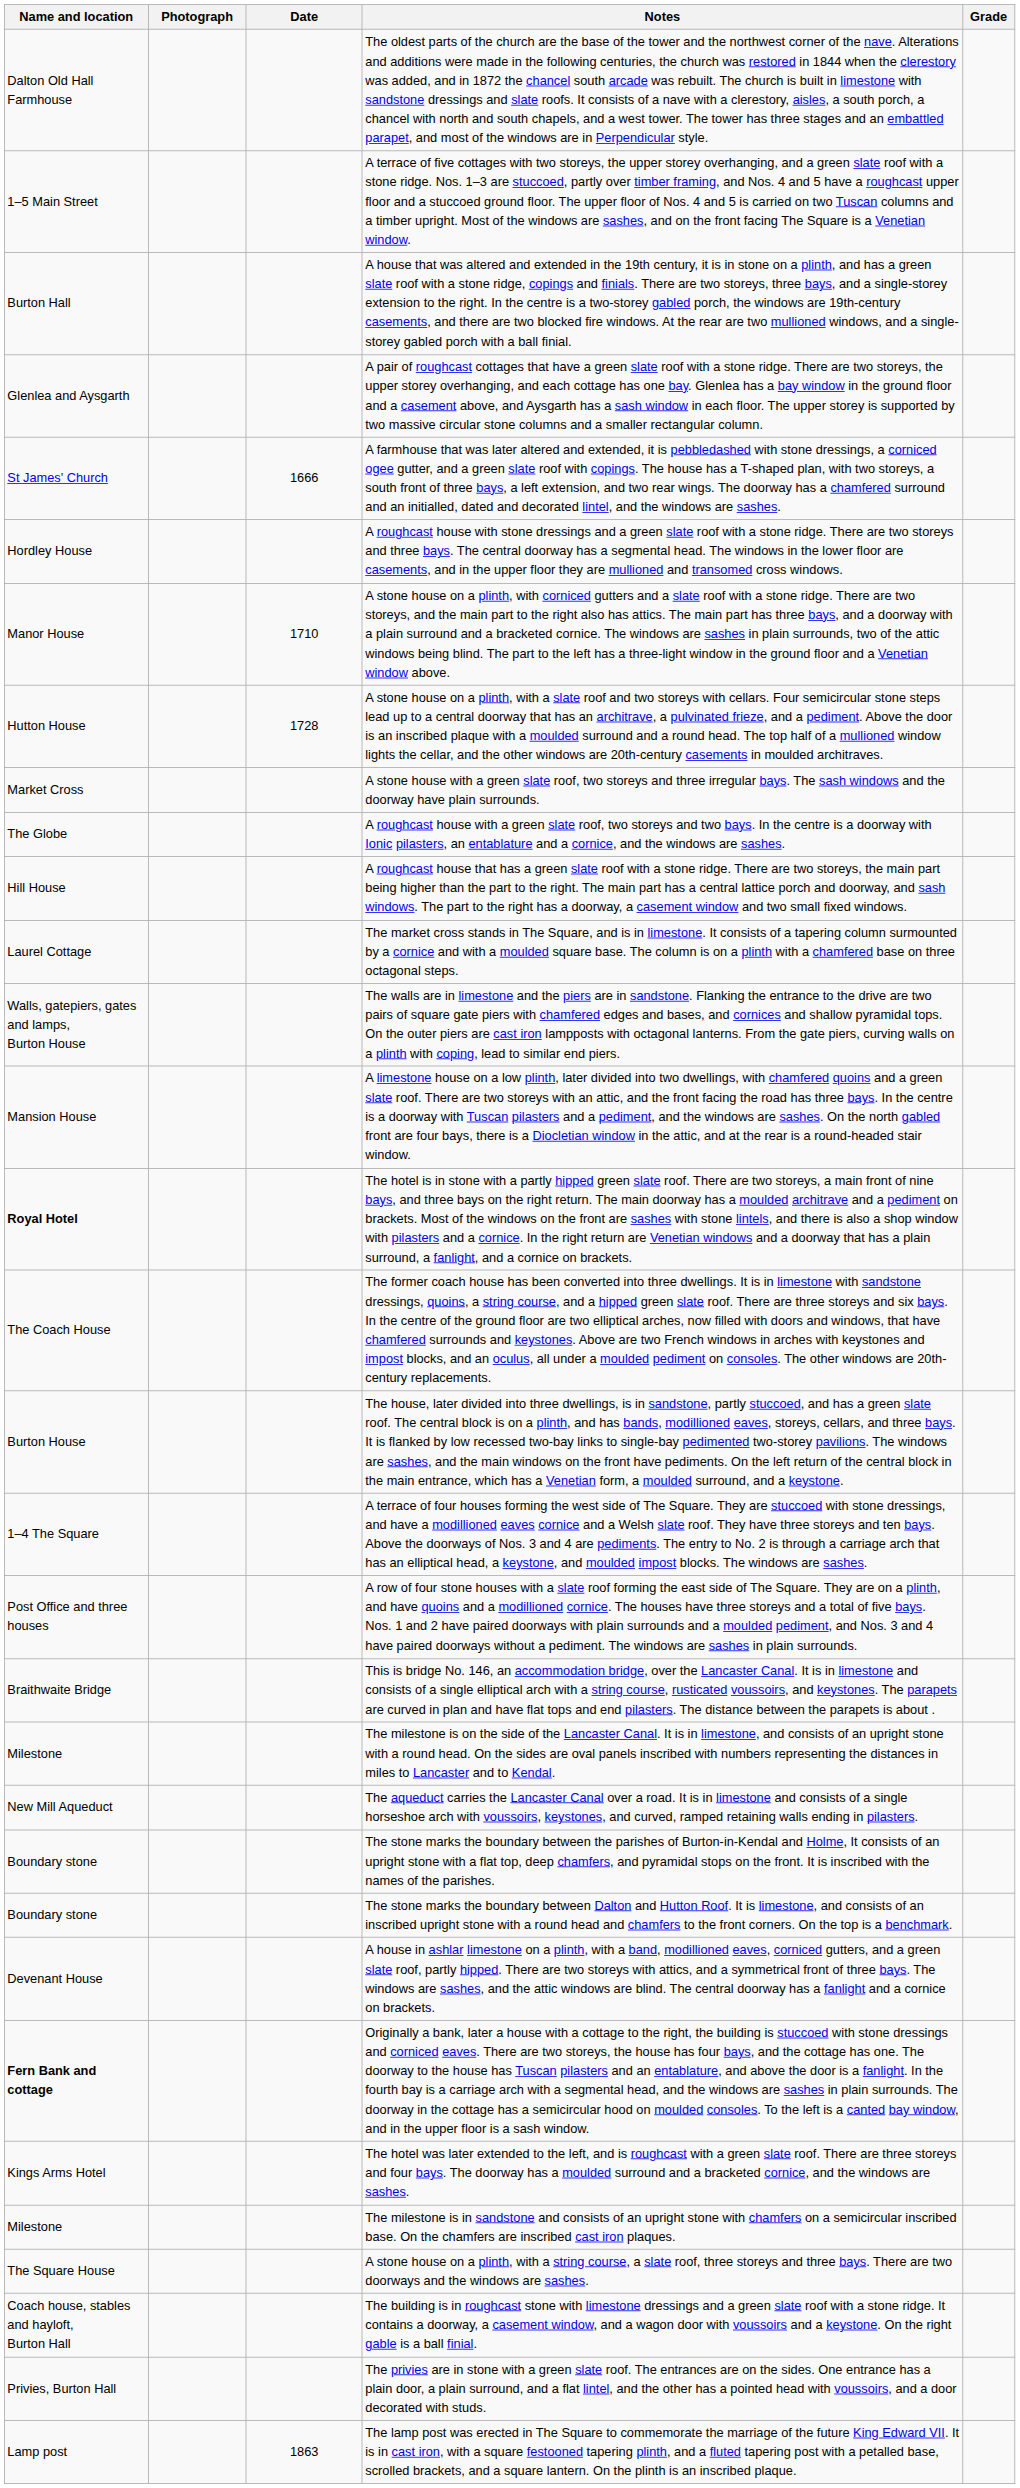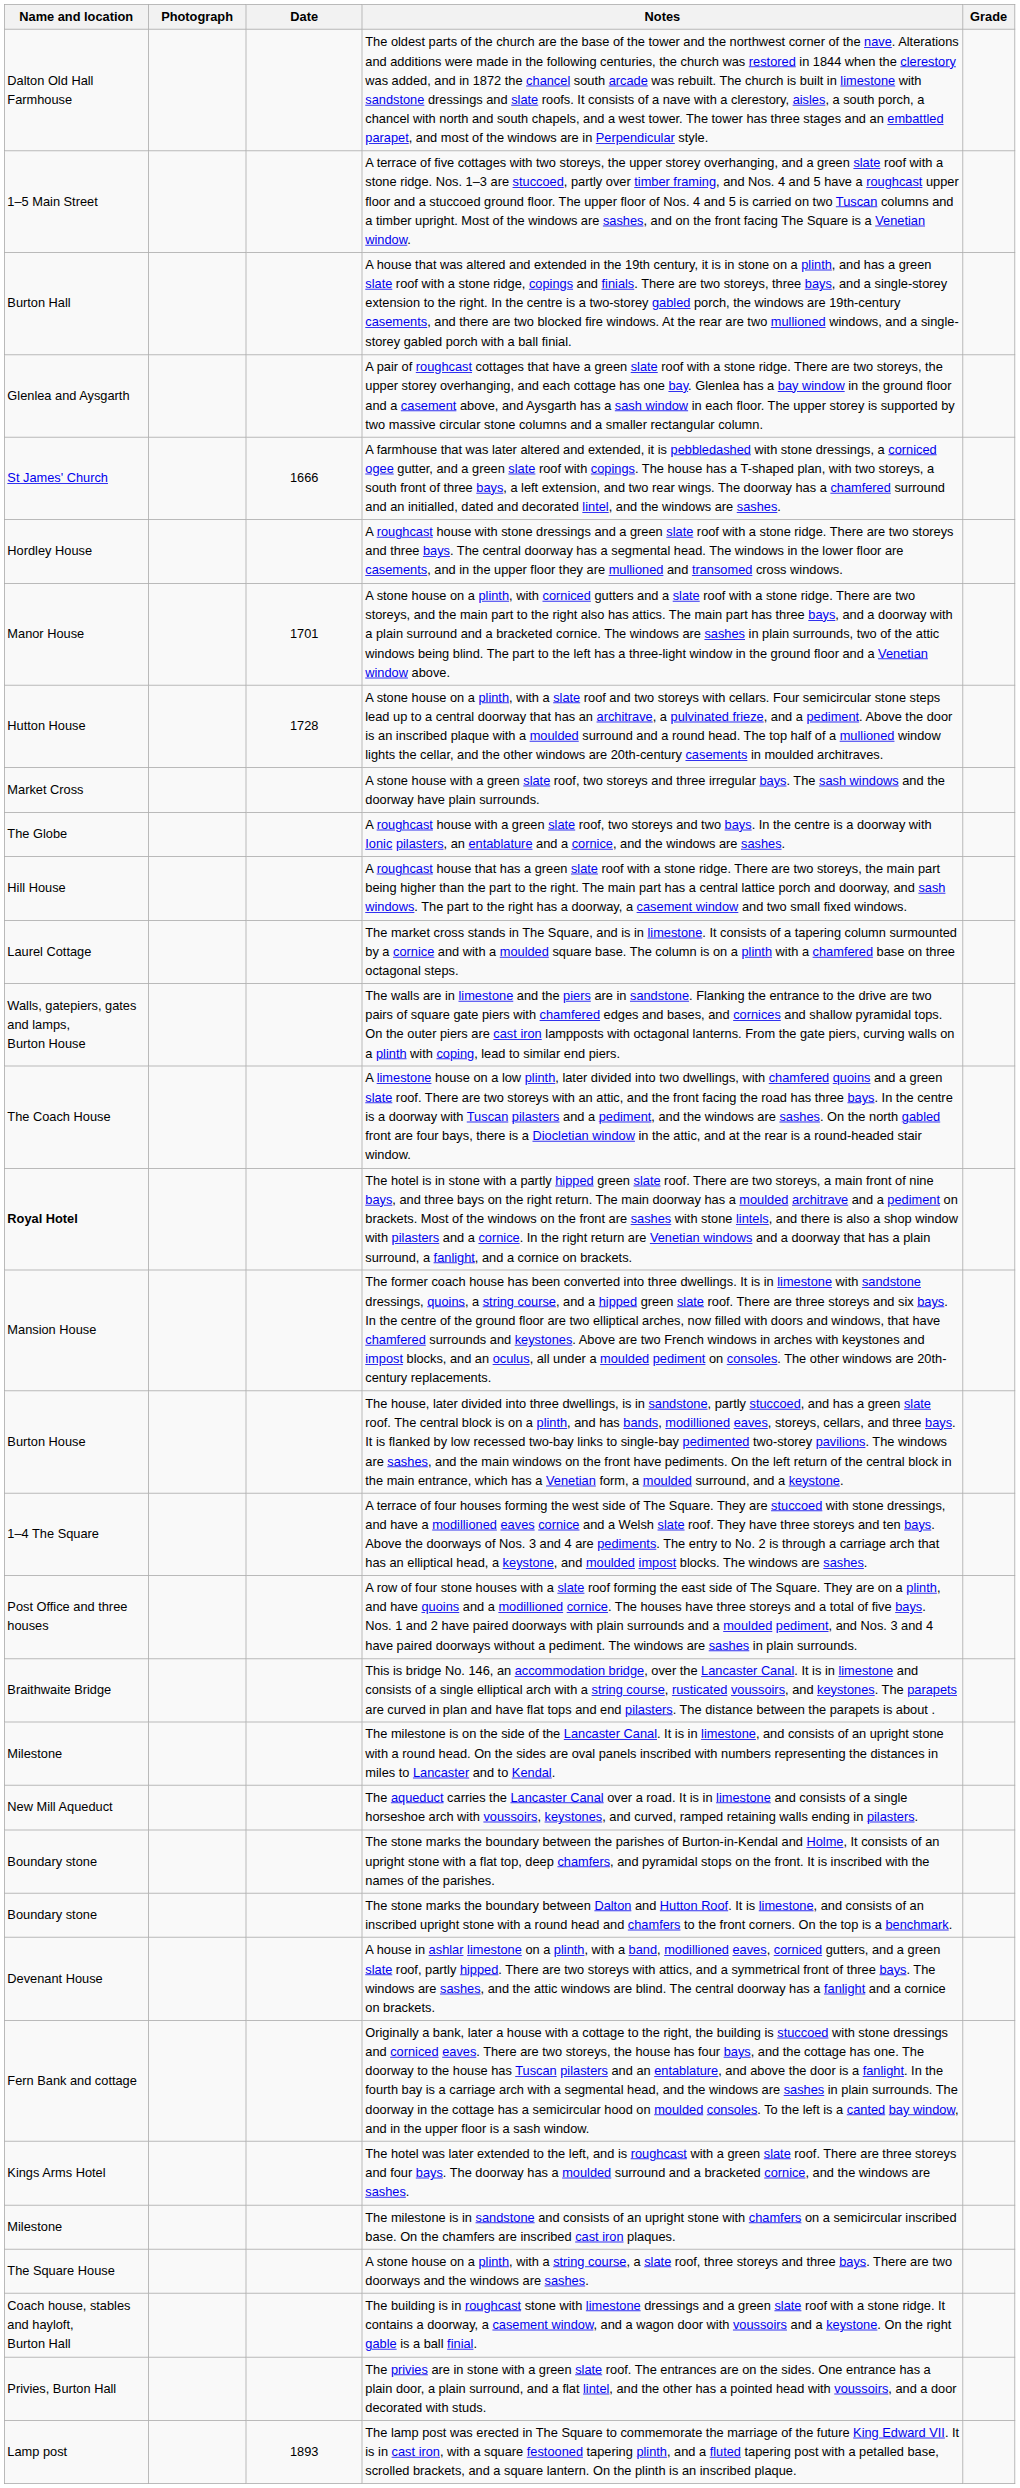 <table class="wikitable sortable plainrowheaders" style="width:100%; border:0; text-align:left; line-height:150%;">
 <tr>
 <th scope="col"  style="width:150px">Name and location</th>
 <th scope="col"  style="width:100px" class="unsortable">Photograph</th>
 <th scope="col"  style="width:120px">Date</th>
 <th scope="col"  style="width:650px" class="unsortable">Notes</th>
 <th scope="col"  style="width:50px">Grade</th>
 </tr>
 <tr>
 <td>Dalton Old Hall Farmhouse<br><small></small></td>
 <td></td>
 <td align="center"></td>
 <td>The oldest parts of the church are the base of the tower and the northwest corner of the <a href='#'>nave</a>.  Alterations and additions were made in the following centuries, the church was <a href='#'>restored</a> in 1844 when the <a href='#'>clerestory</a> was added, and in 1872 the <a href='#'>chancel</a> south <a href='#'>arcade</a> was rebuilt.  The church is built in <a href='#'>limestone</a> with <a href='#'>sandstone</a> dressings and <a href='#'>slate</a> roofs.  It consists of a nave with a clerestory, <a href='#'>aisles</a>, a south porch, a chancel with north and south chapels, and a west tower.  The tower has three stages and an <a href='#'>embattled</a> <a href='#'>parapet</a>, and most of the windows are in <a href='#'>Perpendicular</a> style.</td>
 <td align="center" ></td>
 </tr>
 <tr>
 <td>1–5 Main Street<br><small></small></td>
 <td></td>
 <td align="center"></td>
 <td>A terrace of five cottages with two storeys, the upper storey overhanging, and a green <a href='#'>slate</a> roof with a stone ridge.  Nos. 1–3 are <a href='#'>stuccoed</a>, partly over <a href='#'>timber framing</a>, and Nos. 4 and 5 have a <a href='#'>roughcast</a> upper floor and a stuccoed ground floor.  The upper floor of Nos. 4 and 5 is carried on two <a href='#'>Tuscan</a> columns and a timber upright.  Most of the windows are <a href='#'>sashes</a>, and on the front facing The Square is a <a href='#'>Venetian window</a>.</td>
 <td align="center" ></td>
 </tr>
 <tr>
 <td>Burton Hall<br><small></small></td>
 <td></td>
 <td align="center"></td>
 <td>A house that was altered and extended in the 19th century, it is in stone on a <a href='#'>plinth</a>, and has a green <a href='#'>slate</a> roof with a stone ridge, <a href='#'>copings</a> and <a href='#'>finials</a>.  There are two storeys, three <a href='#'>bays</a>, and a single-storey extension to the right.  In the centre is a two-storey <a href='#'>gabled</a> porch, the windows are 19th-century <a href='#'>casements</a>, and there are two blocked fire windows.  At the rear are two <a href='#'>mullioned</a> windows, and a single-storey gabled porch with a ball finial.</td>
 <td align="center" ></td>
 </tr>
 <tr>
 <td>Glenlea and Aysgarth<br><small></small></td>
 <td></td>
 <td align="center"></td>
 <td>A pair of <a href='#'>roughcast</a> cottages that have a green <a href='#'>slate</a> roof with a stone ridge.  There are two storeys, the upper storey overhanging, and each cottage has one <a href='#'>bay</a>.  Glenlea has a <a href='#'>bay window</a> in the ground floor and a <a href='#'>casement</a> above, and Aysgarth has a <a href='#'>sash window</a> in each floor.  The upper storey is supported by two massive circular stone columns and a smaller rectangular column.</td>
 <td align="center" ></td>
 </tr>
 <tr>
 <td><a href='#'>St James' Church</a><br><small></small></td>
 <td></td>
 <td align="center">1666</td>
 <td>A farmhouse that was later altered and extended, it is <a href='#'>pebbledashed</a> with stone dressings, a <a href='#'>corniced</a> <a href='#'>ogee</a> gutter, and a green <a href='#'>slate</a> roof with <a href='#'>copings</a>.  The house has a T-shaped plan, with two storeys, a south front of three <a href='#'>bays</a>, a left extension, and two rear wings.  The doorway has a <a href='#'>chamfered</a> surround and an initialled, dated and decorated <a href='#'>lintel</a>, and the windows are <a href='#'>sashes</a>.</td>
 <td align="center" ></td>
 </tr>
 <tr>
 <td>Hordley House<br><small></small></td>
 <td></td>
 <td align="center"></td>
 <td>A <a href='#'>roughcast</a> house with stone dressings and a green <a href='#'>slate</a> roof with a stone ridge.  There are two storeys and three <a href='#'>bays</a>.  The central doorway has a segmental head.  The windows in the lower floor are <a href='#'>casements</a>, and in the upper floor they are <a href='#'>mullioned</a> and <a href='#'>transomed</a> cross windows.</td>
 <td align="center" ></td>
 </tr>
 <tr>
 <td>Manor House<br><small></small></td>
 <td></td>
-<td align="center">1710</td>
+<td align="center">1701</td>
 <td>A stone house on a <a href='#'>plinth</a>, with <a href='#'>corniced</a> gutters and a <a href='#'>slate</a> roof with a stone ridge.  There are two storeys, and the main part to the right also has attics.  The main part has three <a href='#'>bays</a>, and a doorway with a plain surround and a bracketed cornice.  The windows are <a href='#'>sashes</a> in plain surrounds, two of the attic windows being blind.  The part to the left has a three-light window in the ground floor and a <a href='#'>Venetian window</a> above.</td>
 <td align="center" ></td>
 </tr>
 <tr>
 <td>Hutton House<br><small></small></td>
 <td></td>
 <td align="center">1728</td>
 <td>A stone house on a <a href='#'>plinth</a>, with a <a href='#'>slate</a> roof and two storeys with cellars.  Four semicircular stone steps lead up to a central doorway that has an <a href='#'>architrave</a>, a <a href='#'>pulvinated frieze</a>, and a <a href='#'>pediment</a>.  Above the door is an inscribed plaque with a <a href='#'>moulded</a> surround and a round head.  The top half of a <a href='#'>mullioned</a> window lights the cellar, and the other windows are 20th-century <a href='#'>casements</a> in moulded architraves.</td>
 <td align="center" ></td>
 </tr>
 <tr>
 <td>Market Cross<br><small></small></td>
 <td></td>
 <td align="center"></td>
 <td>A stone house with a green <a href='#'>slate</a> roof, two storeys and three irregular <a href='#'>bays</a>.  The <a href='#'>sash windows</a> and the doorway have plain surrounds.</td>
 <td align="center" ></td>
 </tr>
 <tr>
 <td>The Globe<br><small></small></td>
 <td></td>
 <td align="center"></td>
 <td>A <a href='#'>roughcast</a> house with a green <a href='#'>slate</a> roof, two storeys and two <a href='#'>bays</a>.  In the centre is a doorway with <a href='#'>Ionic</a> <a href='#'>pilasters</a>, an <a href='#'>entablature</a> and a <a href='#'>cornice</a>, and the windows are <a href='#'>sashes</a>.</td>
 <td align="center" ></td>
 </tr>
 <tr>
 <td>Hill House<br><small></small></td>
 <td></td>
 <td align="center"></td>
 <td>A <a href='#'>roughcast</a> house that has a green <a href='#'>slate</a> roof with a stone ridge.  There are two storeys, the main part being higher than the part to the right.  The main part has a central lattice porch and doorway, and <a href='#'>sash windows</a>.  The part to the right has a doorway, a <a href='#'>casement window</a> and two small fixed windows.</td>
 <td align="center" ></td>
 </tr>
 <tr>
 <td>Laurel Cottage<br><small></small></td>
 <td></td>
 <td align="center"></td>
 <td>The market cross stands in The Square, and is in <a href='#'>limestone</a>.  It consists of a tapering column surmounted by a <a href='#'>cornice</a> and with a <a href='#'>moulded</a> square base.  The column is on a <a href='#'>plinth</a> with a <a href='#'>chamfered</a> base on three octagonal steps.</td>
 <td align="center" ></td>
 </tr>
 <tr>
 <td>Walls, gatepiers, gates and lamps,<br>Burton House<br><small></small></td>
 <td></td>
 <td align="center"></td>
 <td>The walls are in <a href='#'>limestone</a> and the <a href='#'>piers</a> are in <a href='#'>sandstone</a>.  Flanking the entrance to the drive are two pairs of square gate piers with <a href='#'>chamfered</a> edges and bases, and <a href='#'>cornices</a> and shallow pyramidal tops.  On the outer piers are <a href='#'>cast iron</a> lampposts with octagonal lanterns.  From the gate piers, curving walls on a <a href='#'>plinth</a> with <a href='#'>coping</a>, lead to similar end piers.</td>
 <td align="center" ></td>
 </tr>
 <tr>
-<td>Mansion House<br><small></small></td>
+<td>The Coach House<br><small></small></td>
 <td></td>
 <td align="center"></td>
 <td>A <a href='#'>limestone</a> house on a low <a href='#'>plinth</a>, later divided into two dwellings, with <a href='#'>chamfered</a> <a href='#'>quoins</a> and a green <a href='#'>slate</a> roof.  There are two storeys with an attic, and the front facing the road has three <a href='#'>bays</a>.  In the centre is a doorway with <a href='#'>Tuscan</a> <a href='#'>pilasters</a> and a <a href='#'>pediment</a>, and the windows are <a href='#'>sashes</a>.  On the north <a href='#'>gabled</a> front are four bays, there is a <a href='#'>Diocletian window</a> in the attic, and at the rear is a round-headed stair window.</td>
 <td align="center" ></td>
 </tr>
 <tr>
 <td><strong>Royal Hotel<br><small></small></strong></td>
 <td></td>
 <td align="center"></td>
 <td>The hotel is in stone with a partly <a href='#'>hipped</a> green <a href='#'>slate</a> roof.  There are two storeys, a main front of nine <a href='#'>bays</a>, and three bays on the right return.  The main doorway has a <a href='#'>moulded</a> <a href='#'>architrave</a> and a <a href='#'>pediment</a> on brackets.  Most of the windows on the front are <a href='#'>sashes</a> with stone <a href='#'>lintels</a>, and there is also a shop window with <a href='#'>pilasters</a> and a <a href='#'>cornice</a>.  In the right return are <a href='#'>Venetian windows</a> and a doorway that has a plain surround, a <a href='#'>fanlight</a>, and a cornice on brackets.</td>
 <td align="center" ></td>
 </tr>
 <tr>
-<td>The Coach House<br><small></small></td>
+<td>Mansion House<br><small></small></td>
 <td></td>
 <td align="center"></td>
 <td>The former coach house has been converted into three dwellings.  It is in <a href='#'>limestone</a> with <a href='#'>sandstone</a> dressings, <a href='#'>quoins</a>, a <a href='#'>string course</a>, and a <a href='#'>hipped</a> green <a href='#'>slate</a> roof.  There are three storeys and six <a href='#'>bays</a>.  In the centre of the ground floor are two elliptical arches, now filled with doors and windows, that have <a href='#'>chamfered</a> surrounds and <a href='#'>keystones</a>.  Above are two French windows in arches with keystones and <a href='#'>impost</a> blocks, and an <a href='#'>oculus</a>, all under a <a href='#'>moulded</a> <a href='#'>pediment</a> on <a href='#'>consoles</a>.  The other windows are 20th-century replacements.</td>
 <td align="center" ></td>
 </tr>
 <tr>
 <td>Burton House<br><small></small></td>
 <td></td>
 <td align="center"></td>
 <td>The house, later divided into three dwellings, is in <a href='#'>sandstone</a>, partly <a href='#'>stuccoed</a>, and has a green <a href='#'>slate</a> roof.  The central block is on a <a href='#'>plinth</a>, and has <a href='#'>bands</a>, <a href='#'>modillioned</a> <a href='#'>eaves</a>,  storeys, cellars, and three <a href='#'>bays</a>.  It is flanked by low recessed two-bay links to single-bay <a href='#'>pedimented</a> two-storey <a href='#'>pavilions</a>.  The windows are <a href='#'>sashes</a>, and the main windows on the front have pediments.  On the left return of the central block in the main entrance, which has a <a href='#'>Venetian</a> form, a <a href='#'>moulded</a> surround, and a <a href='#'>keystone</a>.</td>
 <td align="center" ></td>
 </tr>
 <tr>
 <td>1–4 The Square<br><small></small></td>
 <td></td>
 <td align="center"></td>
 <td>A terrace of four houses forming the west side of The Square.  They are <a href='#'>stuccoed</a> with stone dressings, and have a <a href='#'>modillioned</a> <a href='#'>eaves</a> <a href='#'>cornice</a> and a Welsh <a href='#'>slate</a> roof.  They have three storeys and ten <a href='#'>bays</a>.  Above the doorways of Nos. 3 and 4 are <a href='#'>pediments</a>.  The entry to No. 2 is through a carriage arch that has an elliptical head, a <a href='#'>keystone</a>, and <a href='#'>moulded</a> <a href='#'>impost</a> blocks.  The windows are <a href='#'>sashes</a>.</td>
 <td align="center" ></td>
 </tr>
 <tr>
 <td>Post Office and three houses<br><small></small></td>
 <td></td>
 <td align="center"></td>
 <td>A row of four stone houses with a <a href='#'>slate</a> roof forming the east side of The Square.  They are on a <a href='#'>plinth</a>, and have <a href='#'>quoins</a> and a <a href='#'>modillioned</a> <a href='#'>cornice</a>.  The houses have three storeys and a total of five <a href='#'>bays</a>.  Nos. 1 and 2 have paired doorways with plain surrounds and a <a href='#'>moulded</a> <a href='#'>pediment</a>, and Nos. 3 and 4 have paired doorways without a pediment.  The windows are <a href='#'>sashes</a> in plain surrounds.</td>
 <td align="center" ></td>
 </tr>
 <tr>
 <td>Braithwaite Bridge<br><small></small></td>
 <td></td>
 <td align="center"></td>
 <td>This is bridge No. 146, an <a href='#'>accommodation bridge</a>, over the <a href='#'>Lancaster Canal</a>.  It is in <a href='#'>limestone</a> and consists of a single elliptical arch with a <a href='#'>string course</a>, <a href='#'>rusticated</a> <a href='#'>voussoirs</a>, and <a href='#'>keystones</a>.  The <a href='#'>parapets</a> are curved in plan and have flat tops and end <a href='#'>pilasters</a>.  The distance between the parapets is about .</td>
 <td align="center" ></td>
 </tr>
 <tr>
 <td>Milestone<br><small></small></td>
 <td></td>
 <td align="center"></td>
 <td>The milestone is on the side of the <a href='#'>Lancaster Canal</a>.  It is in <a href='#'>limestone</a>, and consists of an upright stone with a round head.  On the sides are oval panels inscribed with numbers representing the distances in miles to <a href='#'>Lancaster</a> and to <a href='#'>Kendal</a>.</td>
 <td align="center" ></td>
 </tr>
 <tr>
 <td>New Mill Aqueduct<br><small></small></td>
 <td></td>
 <td align="center"></td>
 <td>The <a href='#'>aqueduct</a> carries the <a href='#'>Lancaster Canal</a> over a road.  It is in <a href='#'>limestone</a> and consists of a single horseshoe arch with <a href='#'>voussoirs</a>, <a href='#'>keystones</a>, and curved, ramped retaining walls ending in <a href='#'>pilasters</a>.</td>
 <td align="center" ></td>
 </tr>
 <tr>
 <td>Boundary stone<br><small></small></td>
 <td></td>
 <td align="center"></td>
 <td>The stone marks the boundary between the parishes of Burton-in-Kendal and <a href='#'>Holme</a>,  It consists of an upright stone with a flat top, deep <a href='#'>chamfers</a>, and pyramidal stops on the front.  It is inscribed with the names of the parishes.</td>
 <td align="center" ></td>
 </tr>
 <tr>
 <td>Boundary stone<br><small></small></td>
 <td></td>
 <td align="center"></td>
 <td>The stone marks the boundary between <a href='#'>Dalton</a> and <a href='#'>Hutton Roof</a>. It is <a href='#'>limestone</a>, and consists of an inscribed upright stone with a round head and <a href='#'>chamfers</a> to the front corners.  On the top is a <a href='#'>benchmark</a>.</td>
 <td align="center" ></td>
 </tr>
 <tr>
 <td>Devenant House<br><small></small></td>
 <td></td>
 <td align="center"></td>
 <td>A house in <a href='#'>ashlar</a> <a href='#'>limestone</a> on a <a href='#'>plinth</a>, with a <a href='#'>band</a>, <a href='#'>modillioned</a> <a href='#'>eaves</a>, <a href='#'>corniced</a> gutters, and a green <a href='#'>slate</a> roof, partly <a href='#'>hipped</a>.  There are two storeys with attics, and a symmetrical front of three <a href='#'>bays</a>.  The windows are <a href='#'>sashes</a>, and the attic windows are blind.  The central doorway has a <a href='#'>fanlight</a> and a cornice on brackets.</td>
 <td align="center" ></td>
 </tr>
 <tr>
-<td><strong>Fern Bank and cottage<br><small></small></strong></td>
+<td>Fern Bank and cottage<br><small></small></td>
 <td></td>
 <td align="center"></td>
 <td>Originally a bank, later a house with a cottage to the right, the building is <a href='#'>stuccoed</a> with stone dressings and <a href='#'>corniced</a> <a href='#'>eaves</a>.  There are two storeys, the house has four <a href='#'>bays</a>, and the cottage has one.  The doorway to the house has <a href='#'>Tuscan</a> <a href='#'>pilasters</a> and an <a href='#'>entablature</a>, and above the door is a <a href='#'>fanlight</a>.  In the fourth bay is a carriage arch with a segmental head, and the windows are <a href='#'>sashes</a> in plain surrounds.  The doorway in the cottage has a semicircular hood on <a href='#'>moulded</a> <a href='#'>consoles</a>.  To the left is a <a href='#'>canted</a> <a href='#'>bay window</a>, and in the upper floor is a sash window.</td>
 <td align="center" ></td>
 </tr>
 <tr>
 <td>Kings Arms Hotel<br><small></small></td>
 <td></td>
 <td align="center"></td>
 <td>The hotel was later extended to the left, and is <a href='#'>roughcast</a> with a green <a href='#'>slate</a> roof.  There are three storeys and four <a href='#'>bays</a>.  The doorway has a <a href='#'>moulded</a> surround and a bracketed <a href='#'>cornice</a>, and the windows are <a href='#'>sashes</a>.</td>
 <td align="center" ></td>
 </tr>
 <tr>
 <td>Milestone<br><small></small></td>
 <td></td>
 <td align="center"></td>
 <td>The milestone is in <a href='#'>sandstone</a> and consists of an upright stone with <a href='#'>chamfers</a> on a semicircular inscribed base.  On the chamfers are inscribed <a href='#'>cast iron</a> plaques.</td>
 <td align="center" ></td>
 </tr>
 <tr>
 <td>The Square House<br><small></small></td>
 <td></td>
 <td align="center"></td>
 <td>A stone house on a <a href='#'>plinth</a>, with a <a href='#'>string course</a>, a <a href='#'>slate</a> roof, three storeys and three <a href='#'>bays</a>.  There are two doorways and the windows are <a href='#'>sashes</a>.</td>
 <td align="center" ></td>
 </tr>
 <tr>
 <td>Coach house, stables and hayloft,<br>Burton Hall<br><small></small></td>
 <td></td>
 <td align="center"></td>
 <td>The building is in <a href='#'>roughcast</a> stone with <a href='#'>limestone</a> dressings and a green <a href='#'>slate</a> roof with a stone ridge.  It contains a doorway, a <a href='#'>casement window</a>, and a wagon door with <a href='#'>voussoirs</a> and a <a href='#'>keystone</a>.  On the right <a href='#'>gable</a> is a ball <a href='#'>finial</a>.</td>
 <td align="center" ></td>
 </tr>
 <tr>
 <td>Privies, Burton Hall<br><small></small></td>
 <td></td>
 <td align="center"></td>
 <td>The <a href='#'>privies</a> are in stone with a green <a href='#'>slate</a> roof.  The entrances are on the sides.  One entrance has a plain door, a plain surround, and a flat <a href='#'>lintel</a>, and the other has a pointed head with <a href='#'>voussoirs</a>, and a door decorated with studs.</td>
 <td align="center" ></td>
 </tr>
 <tr>
 <td>Lamp post<br><small></small></td>
 <td></td>
-<td align="center">1863</td>
+<td align="center">1893</td>
 <td>The lamp post was erected in The Square to commemorate the marriage of the future <a href='#'>King Edward VII</a>.  It is in <a href='#'>cast iron</a>, with a square <a href='#'>festooned</a> tapering <a href='#'>plinth</a>, and a <a href='#'>fluted</a> tapering post with a petalled base, scrolled brackets, and a square lantern.  On the plinth is an inscribed plaque.</td>
 <td align="center" ></td>
 </tr>
 <tr>
 </tr>
 </table>
